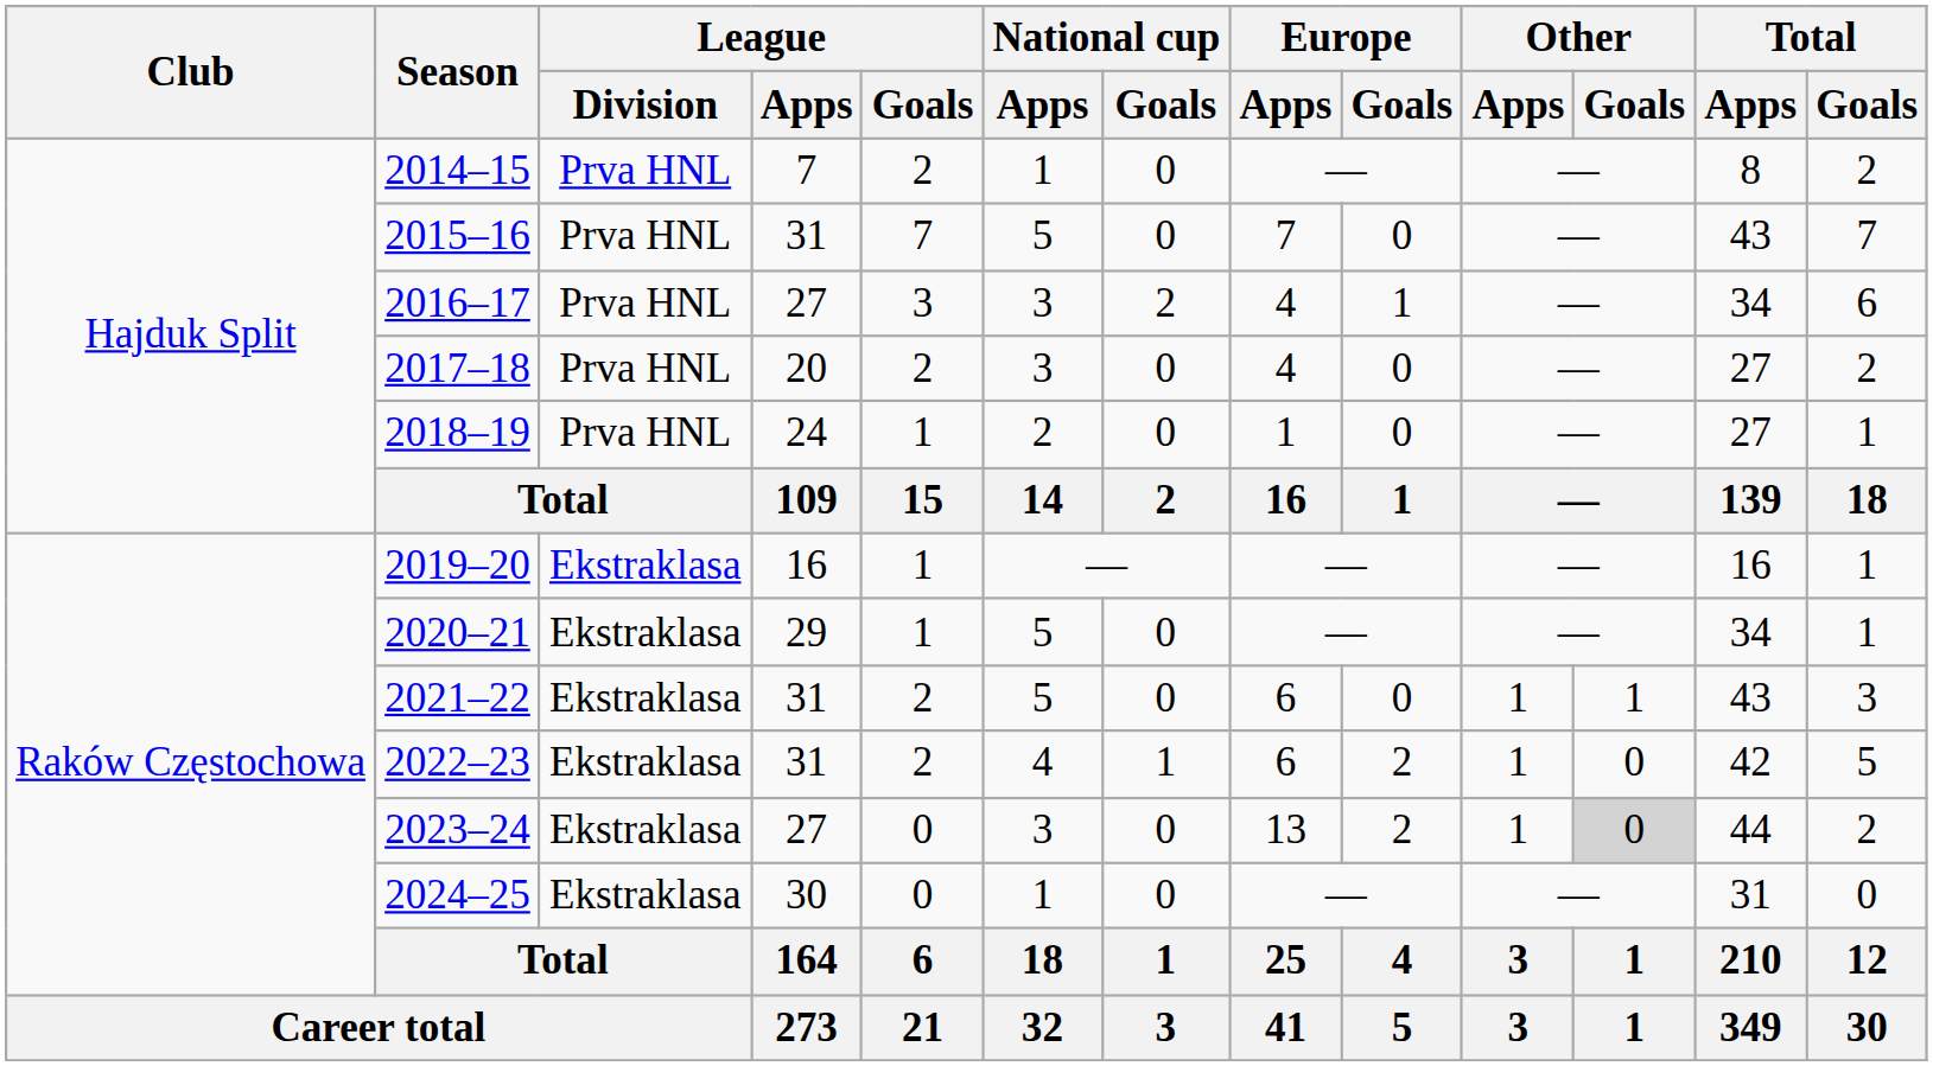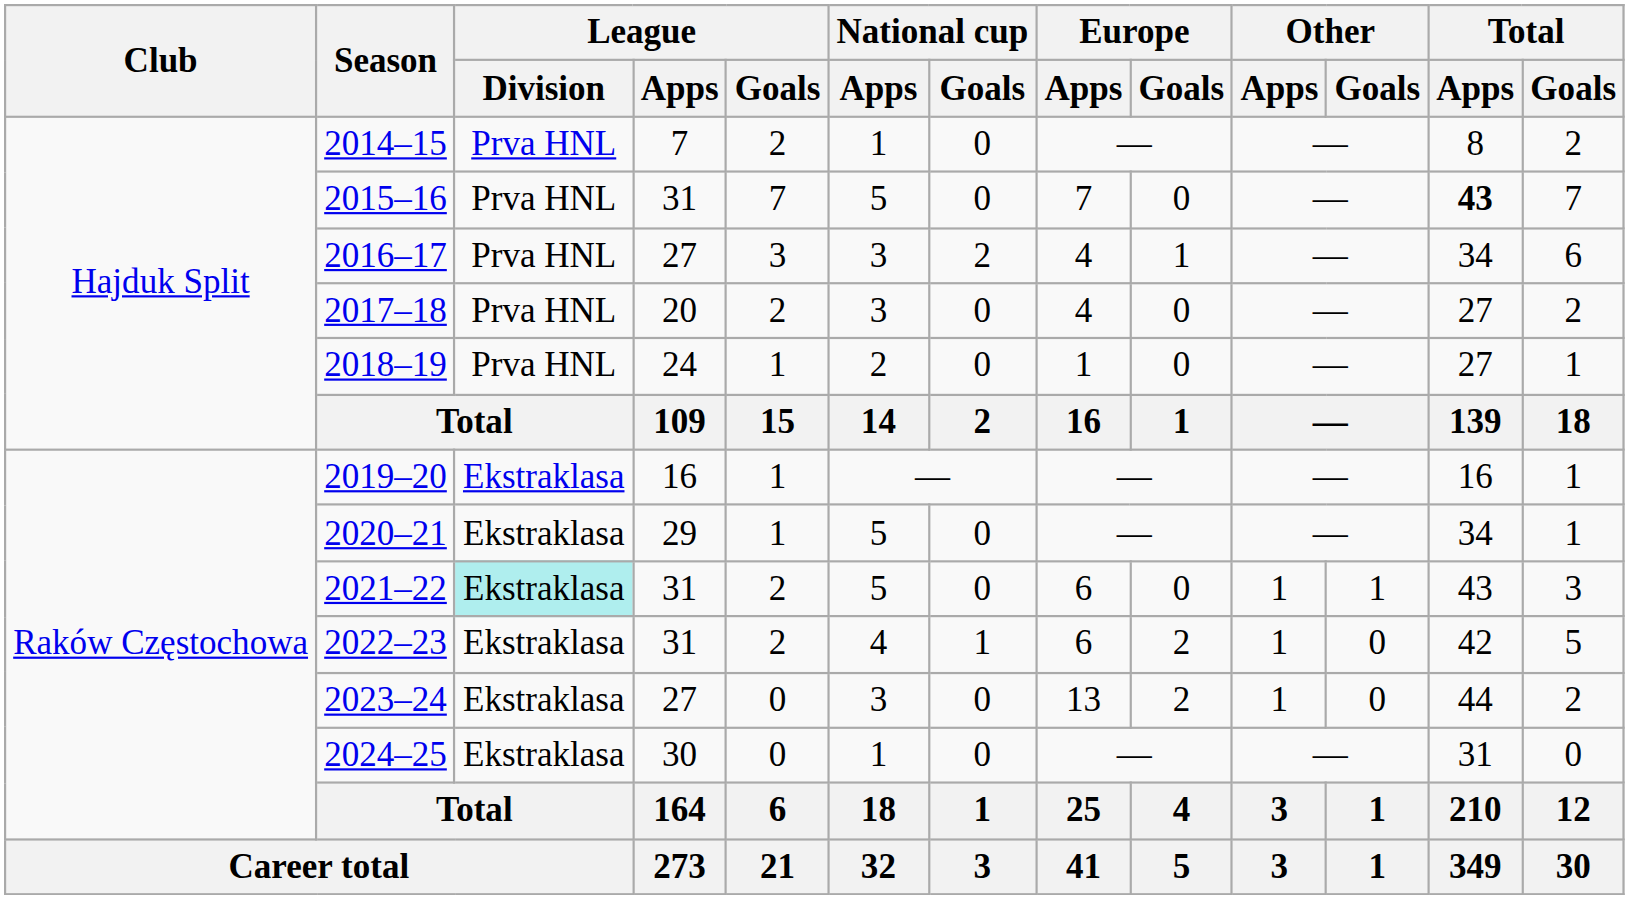 <table class="wikitable" style="text-align: center;">
 <tr>
 <th rowspan="2">Club</th>
 <th rowspan="2">Season</th>
 <th colspan="3">League</th>
 <th colspan="2">National cup</th>
 <th colspan="2">Europe</th>
 <th colspan="2">Other</th>
 <th colspan="2">Total</th>
 </tr>
 <tr>
 <th>Division</th>
 <th>Apps</th>
 <th>Goals</th>
 <th>Apps</th>
 <th>Goals</th>
 <th>Apps</th>
 <th>Goals</th>
 <th>Apps</th>
 <th>Goals</th>
 <th>Apps</th>
 <th>Goals</th>
 </tr>
 <tr>
 <td rowspan="6"><a href='#'>Hajduk Split</a></td>
 <td><a href='#'>2014–15</a></td>
 <td><a href='#'>Prva HNL</a></td>
 <td>7</td>
 <td>2</td>
 <td>1</td>
 <td>0</td>
 <td colspan="2">—</td>
 <td colspan="2">—</td>
 <td>8</td>
 <td>2</td>
 </tr>
 <tr>
 <td><a href='#'>2015–16</a></td>
 <td>Prva HNL</td>
 <td>31</td>
 <td>7</td>
 <td>5</td>
 <td>0</td>
 <td>7</td>
 <td>0</td>
 <td colspan="2">—</td>
-<td>43</td>
+<td><strong>43</strong></td>
 <td>7</td>
 </tr>
 <tr>
 <td><a href='#'>2016–17</a></td>
 <td>Prva HNL</td>
 <td>27</td>
 <td>3</td>
 <td>3</td>
 <td>2</td>
 <td>4</td>
 <td>1</td>
 <td colspan="2">—</td>
 <td>34</td>
 <td>6</td>
 </tr>
 <tr>
 <td><a href='#'>2017–18</a></td>
 <td>Prva HNL</td>
 <td>20</td>
 <td>2</td>
 <td>3</td>
 <td>0</td>
 <td>4</td>
 <td>0</td>
 <td colspan="2">—</td>
 <td>27</td>
 <td>2</td>
 </tr>
 <tr>
 <td><a href='#'>2018–19</a></td>
 <td>Prva HNL</td>
 <td>24</td>
 <td>1</td>
 <td>2</td>
 <td>0</td>
 <td>1</td>
 <td>0</td>
 <td colspan="2">—</td>
 <td>27</td>
 <td>1</td>
 </tr>
 <tr>
 <th colspan="2">Total</th>
 <th>109</th>
 <th>15</th>
 <th>14</th>
 <th>2</th>
 <th>16</th>
 <th>1</th>
 <th colspan="2">—</th>
 <th>139</th>
 <th>18</th>
 </tr>
 <tr>
 <td rowspan="7"><a href='#'>Raków Częstochowa</a></td>
 <td><a href='#'>2019–20</a></td>
 <td><a href='#'>Ekstraklasa</a></td>
 <td>16</td>
 <td>1</td>
 <td colspan="2">—</td>
 <td colspan="2">—</td>
 <td colspan="2">—</td>
 <td>16</td>
 <td>1</td>
 </tr>
 <tr>
 <td><a href='#'>2020–21</a></td>
 <td>Ekstraklasa</td>
 <td>29</td>
 <td>1</td>
 <td>5</td>
 <td>0</td>
 <td colspan="2">—</td>
 <td colspan="2">—</td>
 <td>34</td>
 <td>1</td>
 </tr>
 <tr>
 <td><a href='#'>2021–22</a></td>
-<td>Ekstraklasa</td>
+<td style="background: paleturquoise;">Ekstraklasa</td>
 <td>31</td>
 <td>2</td>
 <td>5</td>
 <td>0</td>
 <td>6</td>
 <td>0</td>
 <td>1</td>
 <td>1</td>
 <td>43</td>
 <td>3</td>
 </tr>
 <tr>
 <td><a href='#'>2022–23</a></td>
 <td>Ekstraklasa</td>
 <td>31</td>
 <td>2</td>
 <td>4</td>
 <td>1</td>
 <td>6</td>
 <td>2</td>
 <td>1</td>
 <td>0</td>
 <td>42</td>
 <td>5</td>
 </tr>
 <tr>
 <td><a href='#'>2023–24</a></td>
 <td>Ekstraklasa</td>
 <td>27</td>
 <td>0</td>
 <td>3</td>
 <td>0</td>
 <td>13</td>
 <td>2</td>
 <td>1</td>
-<td style="background: lightgrey;">0</td>
+<td>0</td>
 <td>44</td>
 <td>2</td>
 </tr>
 <tr>
 <td><a href='#'>2024–25</a></td>
 <td>Ekstraklasa</td>
 <td>30</td>
 <td>0</td>
 <td>1</td>
 <td>0</td>
 <td colspan="2">—</td>
 <td colspan="2">—</td>
 <td>31</td>
 <td>0</td>
 </tr>
 <tr>
 <th colspan="2">Total</th>
 <th>164</th>
 <th>6</th>
 <th>18</th>
 <th>1</th>
 <th>25</th>
 <th>4</th>
 <th>3</th>
 <th>1</th>
 <th>210</th>
 <th>12</th>
 </tr>
 <tr>
 <th colspan="3">Career total</th>
 <th>273</th>
 <th>21</th>
 <th>32</th>
 <th>3</th>
 <th>41</th>
 <th>5</th>
 <th>3</th>
 <th>1</th>
 <th>349</th>
 <th>30</th>
 </tr>
 </table>
